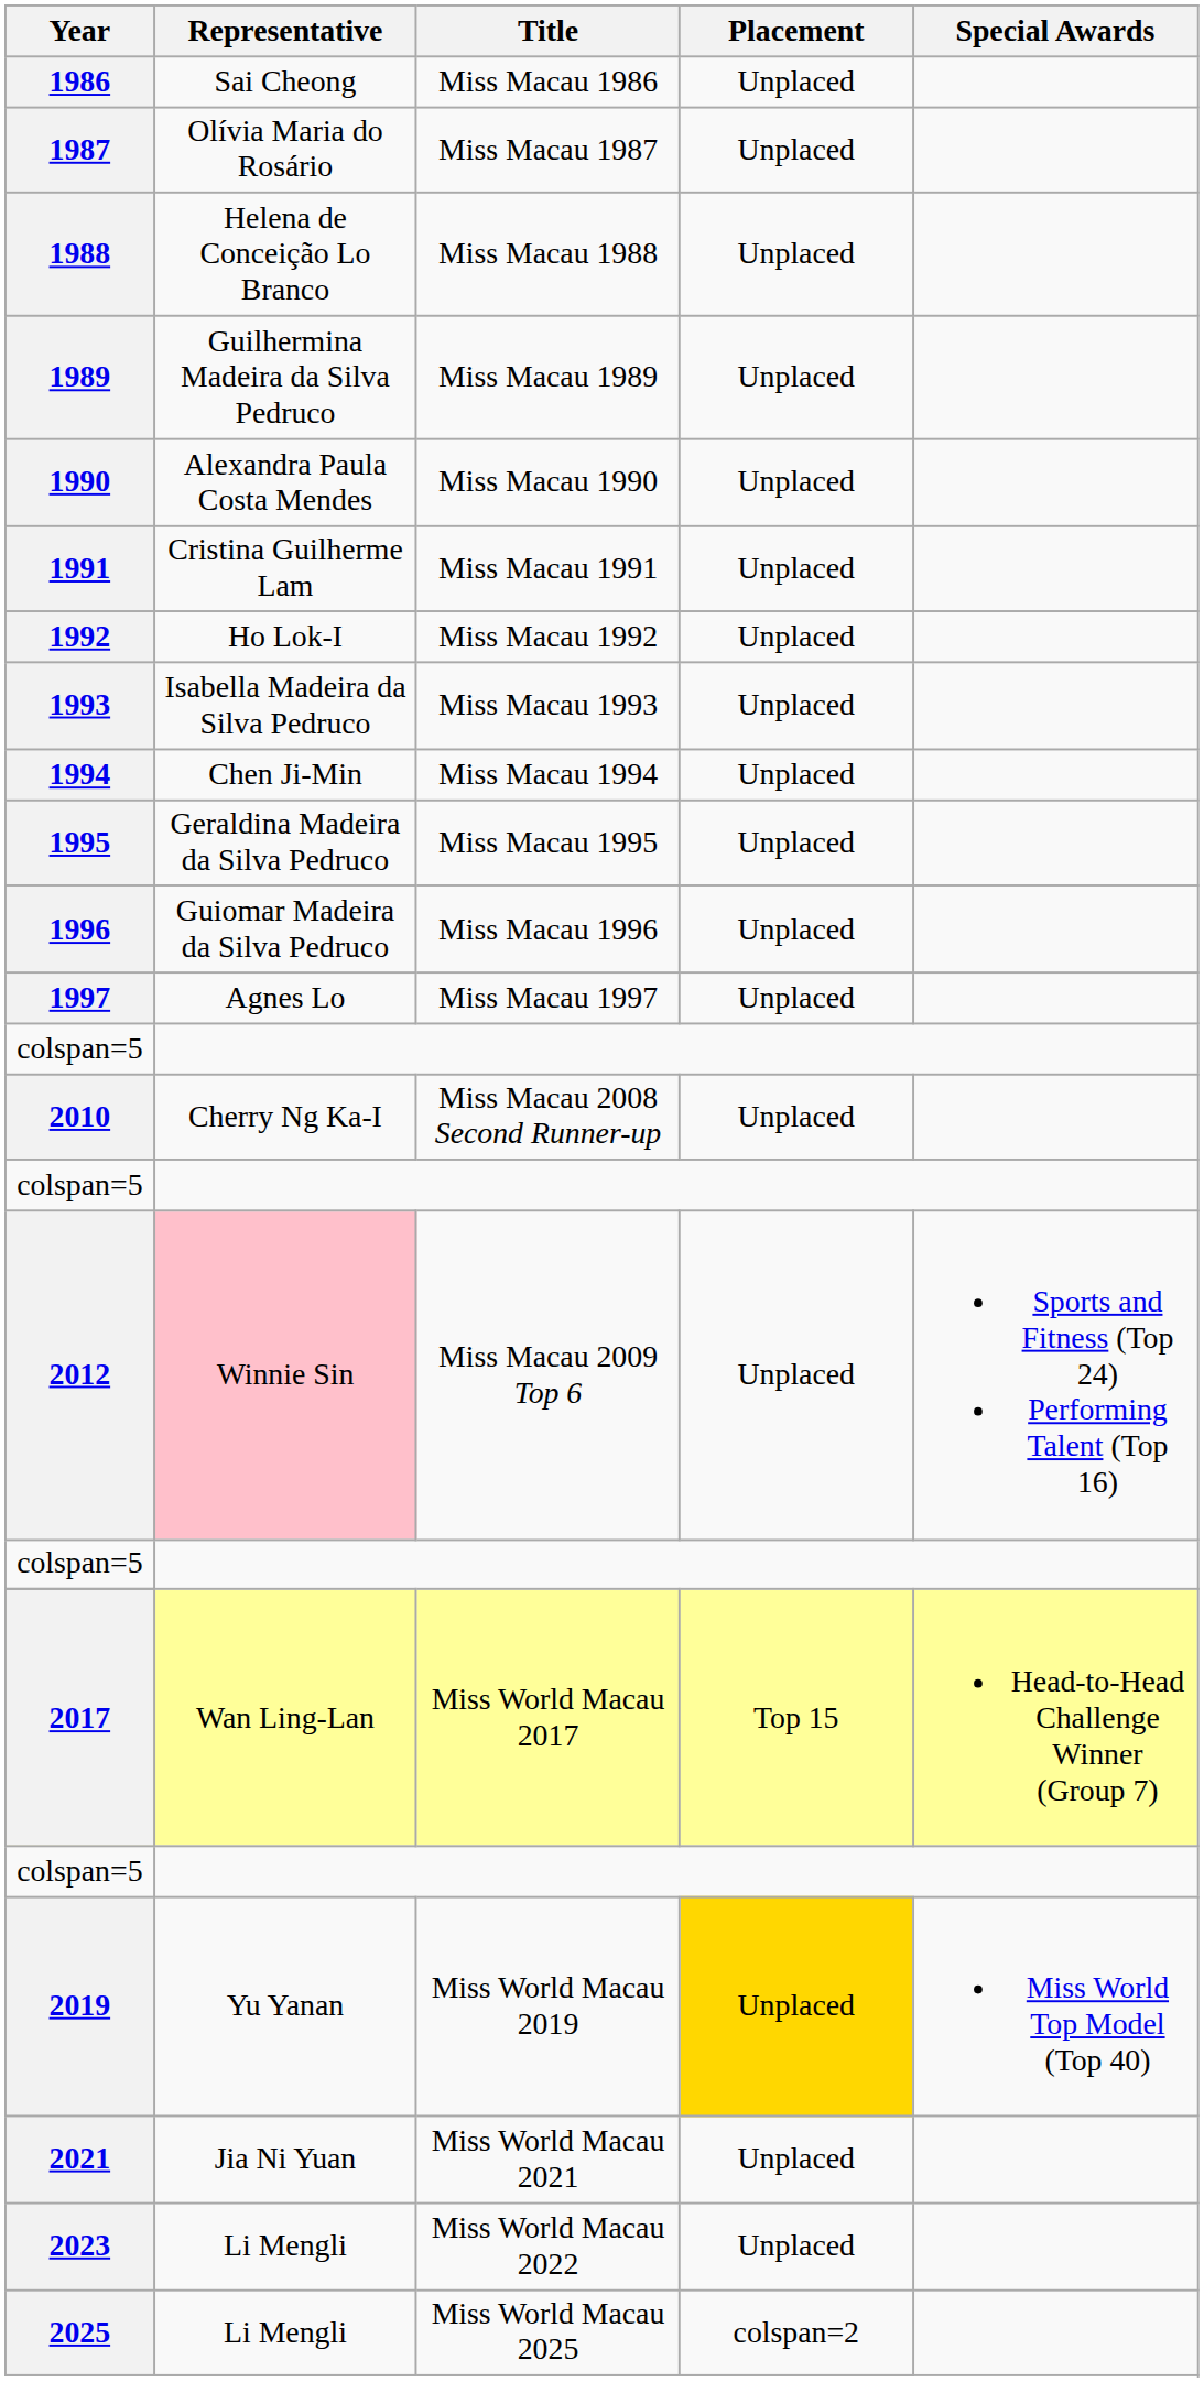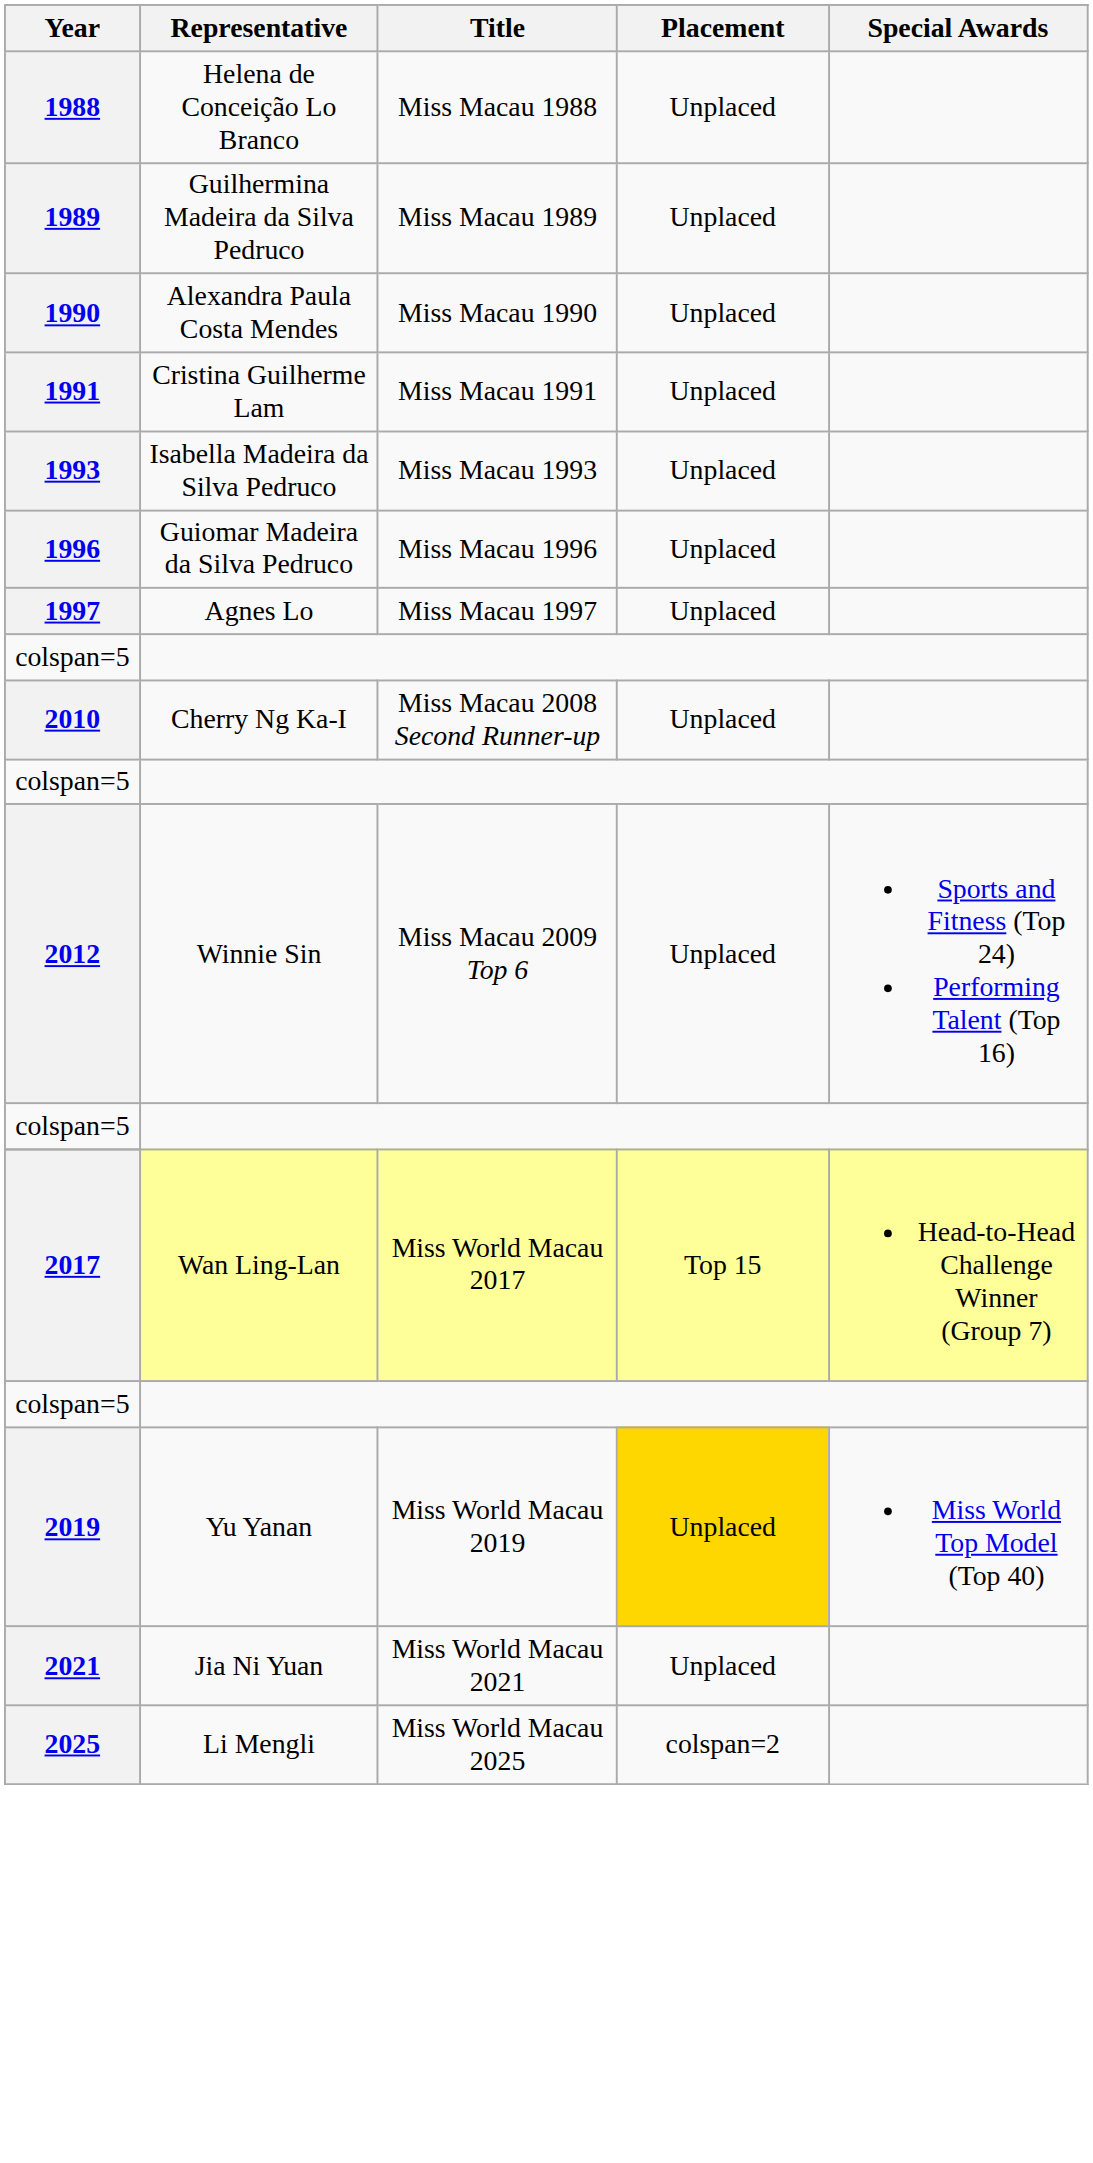 <table class="wikitable" style="text-align:center; font-size:90%; line-height:17px; width:90%;">
 <tr>
 <th style="width:03%;" scope="col">Year</th>
 <th style="width:18%;" scope="col">Representative</th>
 <th style="width:18%;" scope="col">Title</th>
 <th style="width:16%;" scope="col">Placement</th>
 <th style="width:17%;" scope="col">Special Awards</th>
-</tr>
-<tr>
-<th><a href='#'>1986</a></th>
-<td>Sai Cheong</td>
-<td>Miss Macau 1986</td>
-<td>Unplaced</td>
-<td></td>
-</tr>
-<tr>
-<th><a href='#'>1987</a></th>
-<td>Olívia Maria do Rosário</td>
-<td>Miss Macau 1987</td>
-<td>Unplaced</td>
-<td></td>
 </tr>
 <tr>
 <th><a href='#'>1988</a></th>
 <td>Helena de Conceição Lo Branco</td>
 <td>Miss Macau 1988</td>
 <td>Unplaced</td>
 <td></td>
 </tr>
 <tr>
 <th><a href='#'>1989</a></th>
 <td>Guilhermina Madeira da Silva Pedruco</td>
 <td>Miss Macau 1989</td>
 <td>Unplaced</td>
 <td></td>
 </tr>
 <tr>
 <th><a href='#'>1990</a></th>
 <td>Alexandra Paula Costa Mendes</td>
 <td>Miss Macau 1990</td>
 <td>Unplaced</td>
 <td></td>
 </tr>
 <tr>
 <th><a href='#'>1991</a></th>
 <td>Cristina Guilherme Lam</td>
 <td>Miss Macau 1991</td>
 <td>Unplaced</td>
 <td></td>
 </tr>
 <tr>
-<th><a href='#'>1992</a></th>
-<td>Ho Lok-I</td>
-<td>Miss Macau 1992</td>
-<td>Unplaced</td>
-<td></td>
-</tr>
-<tr>
 <th><a href='#'>1993</a></th>
 <td>Isabella Madeira da Silva Pedruco</td>
 <td>Miss Macau 1993</td>
-<td>Unplaced</td>
-<td></td>
-</tr>
-<tr>
-<th><a href='#'>1994</a></th>
-<td>Chen Ji-Min</td>
-<td>Miss Macau 1994</td>
-<td>Unplaced</td>
-<td></td>
-</tr>
-<tr>
-<th><a href='#'>1995</a></th>
-<td>Geraldina Madeira da Silva Pedruco</td>
-<td>Miss Macau 1995</td>
 <td>Unplaced</td>
 <td></td>
 </tr>
 <tr>
 <th><a href='#'>1996</a></th>
 <td>Guiomar Madeira da Silva Pedruco</td>
 <td>Miss Macau 1996</td>
 <td>Unplaced</td>
 <td></td>
 </tr>
 <tr>
 <th><a href='#'>1997</a></th>
 <td>Agnes Lo</td>
 <td>Miss Macau 1997</td>
 <td>Unplaced</td>
 <td></td>
 </tr>
 <tr>
 <td>colspan=5 </td>
 </tr>
 <tr>
 <th><a href='#'>2010</a></th>
 <td>Cherry Ng Ka-I</td>
 <td>Miss Macau 2008<br><em>Second Runner-up</em></td>
 <td>Unplaced</td>
 <td></td>
 </tr>
 <tr>
 <td>colspan=5 </td>
 </tr>
 <tr>
 <th><a href='#'>2012</a></th>
-<td style="background: pink;">Winnie Sin</td>
+<td>Winnie Sin</td>
 <td>Miss Macau 2009<br><em>Top 6</em></td>
 <td>Unplaced</td>
 <td><br><ul><li><a href='#'>Sports and Fitness</a> (Top 24)</li><li><a href='#'>Performing Talent</a> (Top 16)</li></ul></td>
 </tr>
 <tr>
 <td>colspan=5 </td>
 </tr>
 <tr>
 </tr>
 <tr style="background-color:#FFFF99;">
 <th><a href='#'>2017</a></th>
 <td>Wan Ling-Lan</td>
 <td>Miss World Macau 2017</td>
 <td>Top 15</td>
 <td><br><ul><li>Head-to-Head Challenge Winner (Group 7)</li></ul></td>
 </tr>
 <tr>
 <td>colspan=5 </td>
 </tr>
 <tr>
 <th><a href='#'>2019</a></th>
 <td>Yu Yanan</td>
 <td>Miss World Macau 2019</td>
 <td style="background: gold;">Unplaced</td>
 <td><br><ul><li><a href='#'>Miss World Top Model</a> (Top 40)</li></ul></td>
 </tr>
 <tr>
 <th><a href='#'>2021</a></th>
 <td>Jia Ni Yuan</td>
 <td>Miss World Macau 2021</td>
 <td>Unplaced</td>
 <td></td>
 </tr>
 <tr>
-<th><a href='#'>2023</a></th>
-<td>Li Mengli</td>
-<td>Miss World Macau 2022</td>
-<td>Unplaced</td>
-<td></td>
-</tr>
-<tr>
 <th><a href='#'>2025</a></th>
 <td>Li Mengli</td>
 <td>Miss World Macau 2025</td>
 <td>colspan=2 </td>
 </tr>
 <tr>
 </tr>
 </table>
